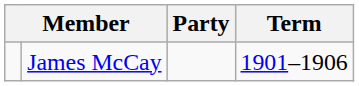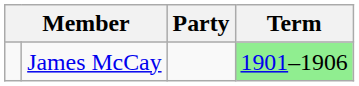 <table class="wikitable">
 <tr>
 <th colspan="2">Member</th>
 <th>Party</th>
 <th>Term</th>
 </tr>
 <tr>
 <td> </td>
 <td><a href='#'>James McCay</a></td>
 <td></td>
-<td><a href='#'>1901</a>–1906</td>
+<td style="background: lightgreen;"><a href='#'>1901</a>–1906</td>
 </tr>
 </table>
